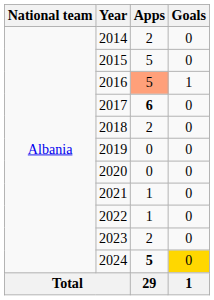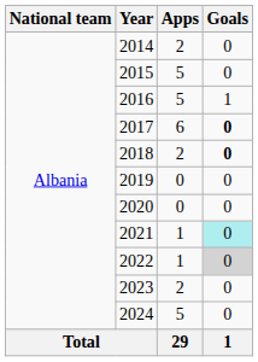 <table class="wikitable" style="text-align:center">
 <tr>
 <th>National team</th>
 <th>Year</th>
 <th>Apps</th>
 <th>Goals</th>
 </tr>
 <tr>
 <td rowspan="11"><a href='#'>Albania</a></td>
 <td>2014</td>
 <td>2</td>
 <td>0</td>
 </tr>
 <tr>
 <td>2015</td>
 <td>5</td>
 <td>0</td>
 </tr>
 <tr>
 <td>2016</td>
-<td style="background: lightsalmon;">5</td>
+<td>5</td>
 <td>1</td>
 </tr>
 <tr>
 <td>2017</td>
-<td><strong>6</strong></td>
-<td>0</td>
+<td>6</td>
+<td><strong>0</strong></td>
 </tr>
 <tr>
 <td>2018</td>
 <td>2</td>
-<td>0</td>
+<td><strong>0</strong></td>
 </tr>
 <tr>
 <td>2019</td>
 <td>0</td>
 <td>0</td>
 </tr>
 <tr>
 <td>2020</td>
 <td>0</td>
 <td>0</td>
 </tr>
 <tr>
 <td>2021</td>
 <td>1</td>
-<td>0</td>
+<td style="background: paleturquoise;">0</td>
 </tr>
 <tr>
 <td>2022</td>
 <td>1</td>
-<td>0</td>
+<td style="background: lightgrey;">0</td>
 </tr>
 <tr>
 <td>2023</td>
 <td>2</td>
 <td>0</td>
 </tr>
 <tr>
 <td>2024</td>
-<td><strong>5</strong></td>
-<td style="background: gold;">0</td>
+<td>5</td>
+<td>0</td>
 </tr>
 <tr>
 <th colspan="2">Total</th>
 <th>29</th>
 <th>1</th>
 </tr>
 </table>
